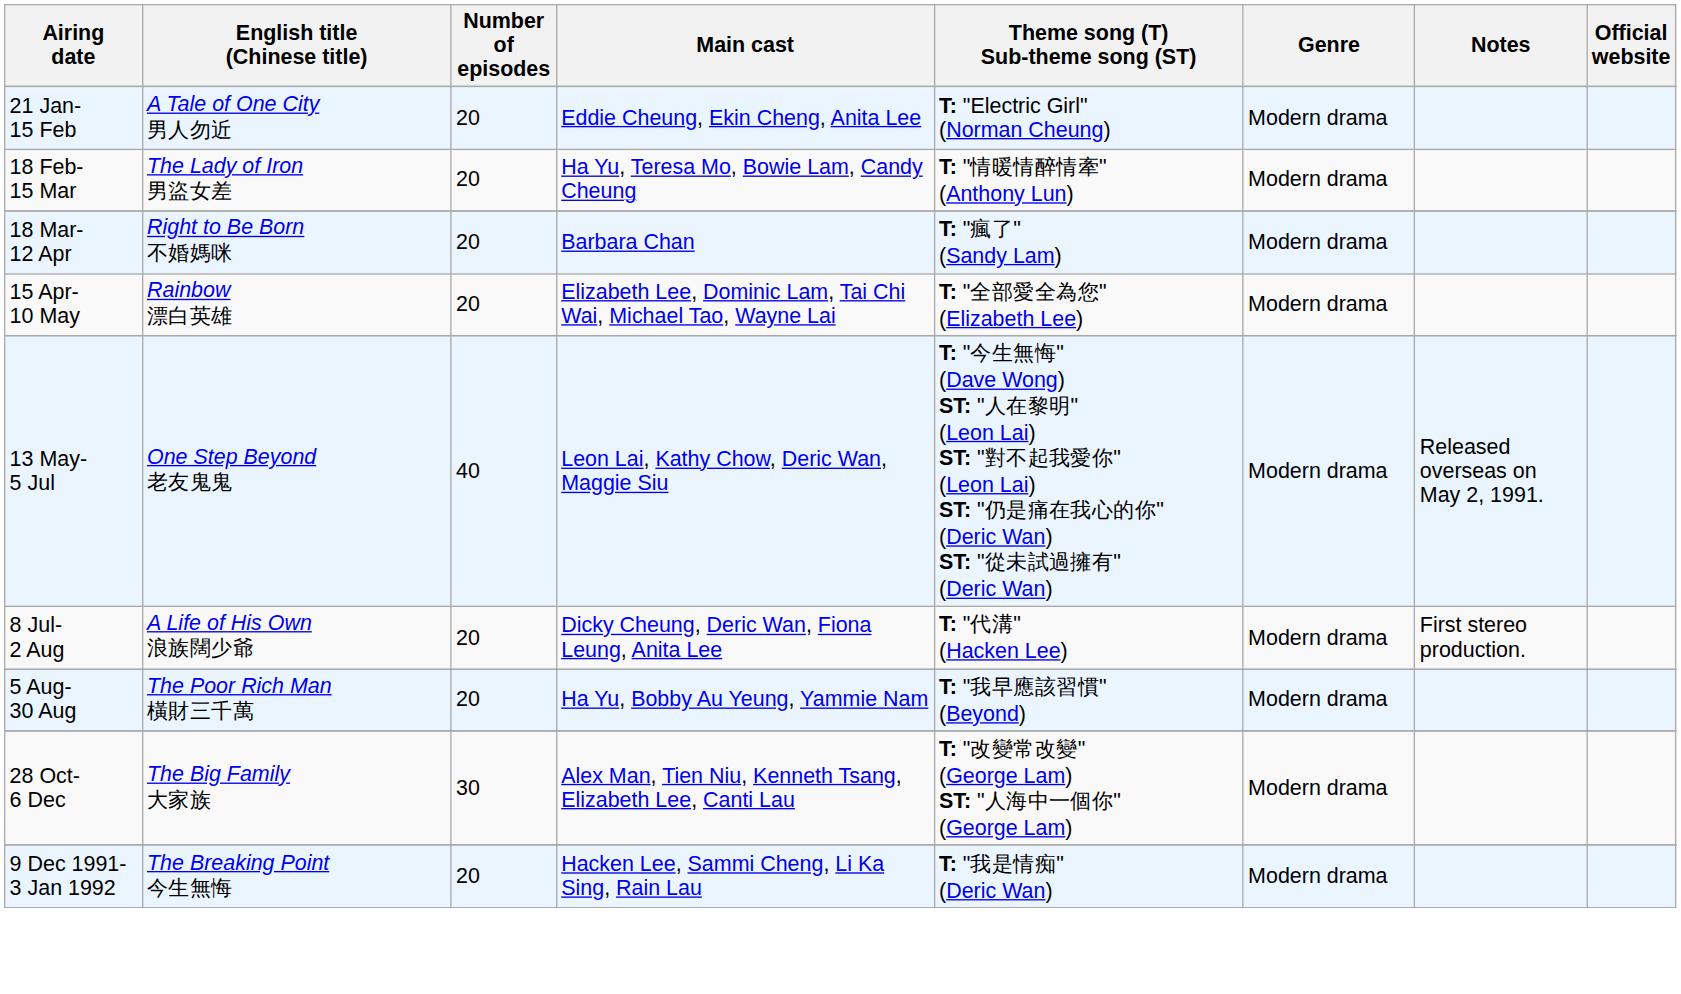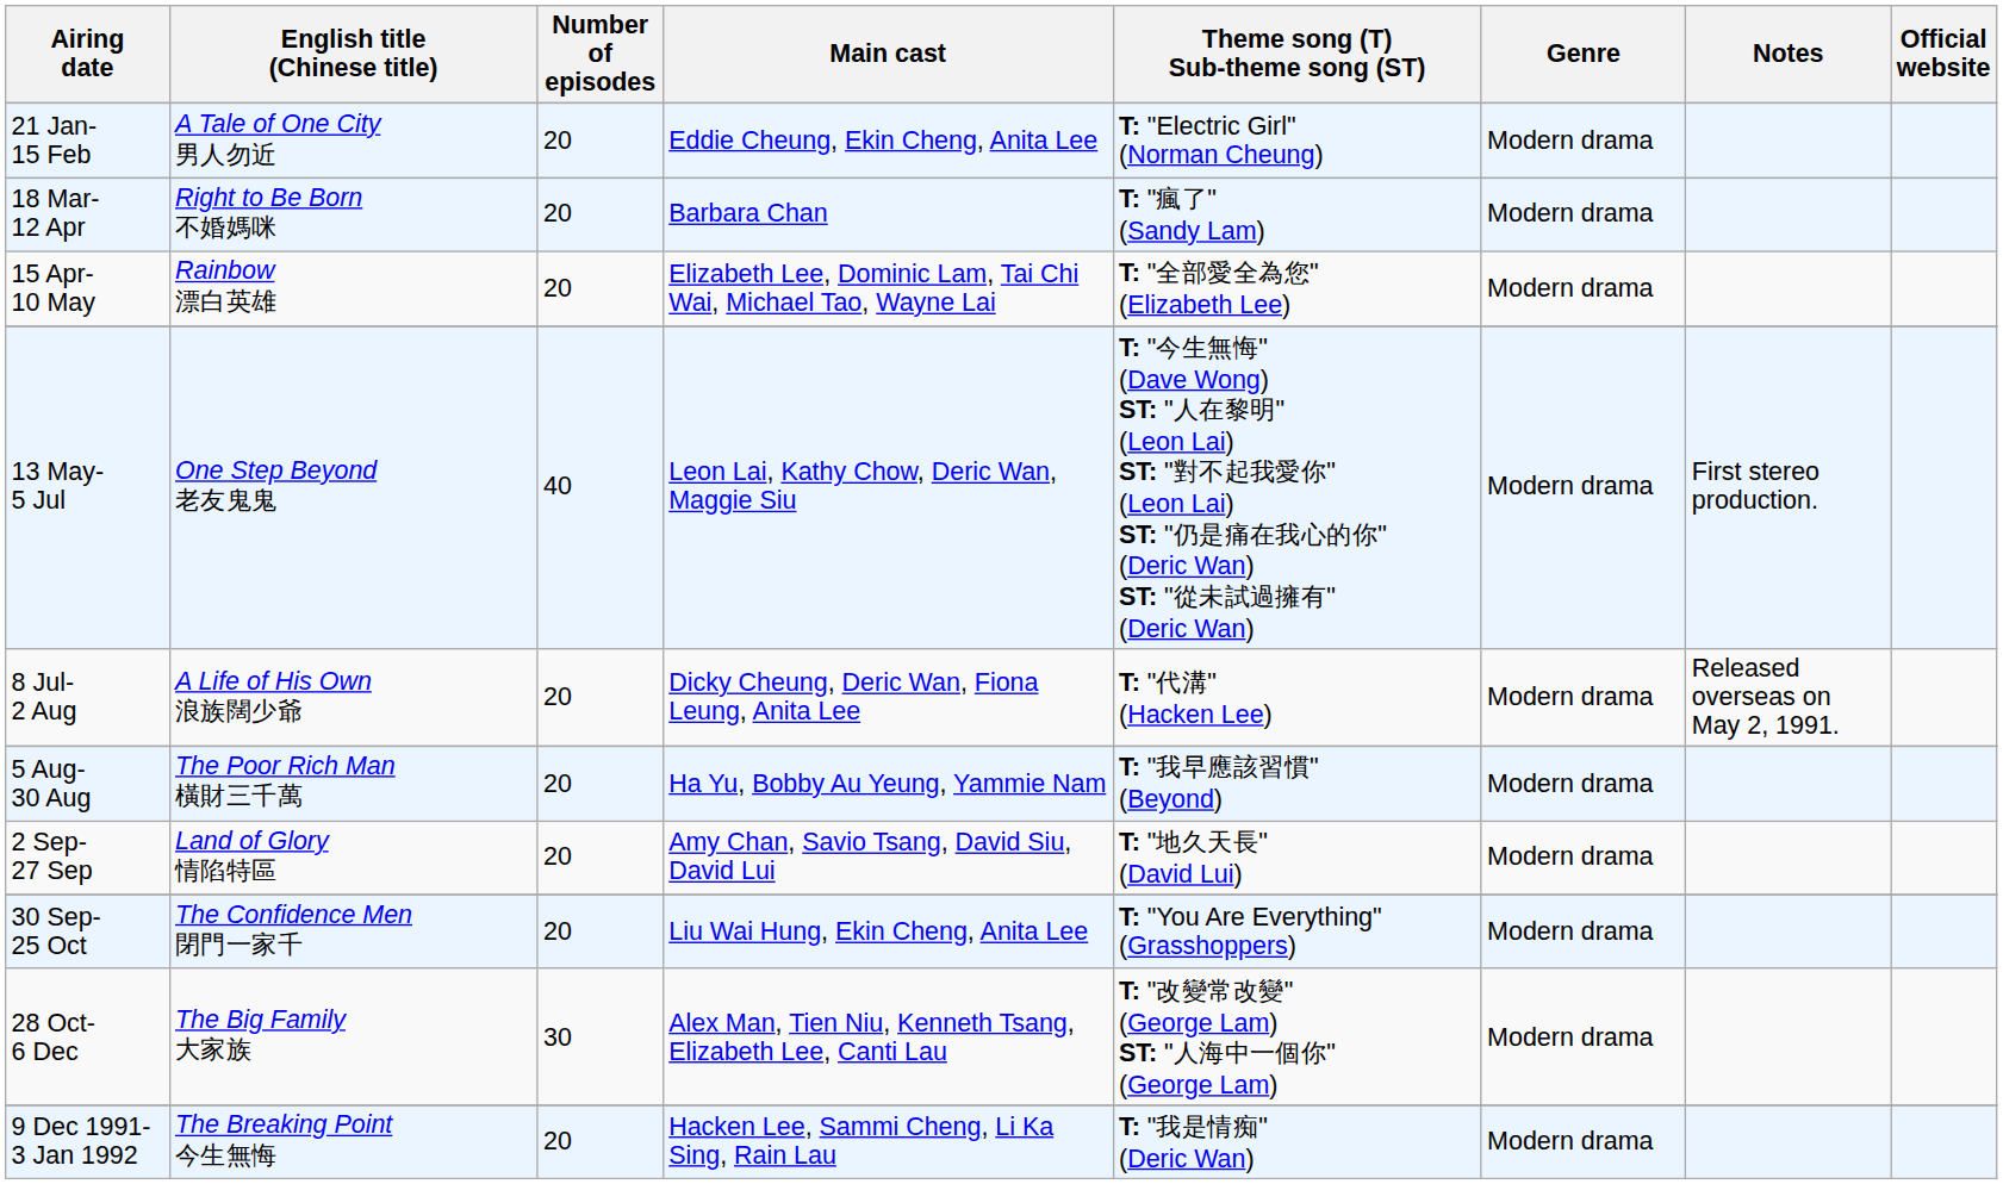 <table class="wikitable">
 <tr>
 <th align=center width=8% bgcolor="silver">Airing<br>date</th>
 <th align=center width=18% bgcolor="silver">English title <br> (Chinese title)</th>
 <th align=center width=5% bgcolor="silver">Number of episodes</th>
 <th align=center width=22% bgcolor="silver">Main cast</th>
 <th align=center width=18% bgcolor="silver">Theme song (T) <br>Sub-theme song (ST)</th>
 <th align=center width=10% bgcolor="silver">Genre</th>
 <th align=center width=10% bgcolor="silver">Notes</th>
 <th align=center width=1% bgcolor="silver">Official website</th>
 </tr>
 <tr>
 </tr>
 <tr ---- bgcolor="#ebf5ff">
 <td>21 Jan- <br> 15 Feb</td>
 <td><em><a href='#'>A Tale of One City</a></em> <br> 男人勿近</td>
 <td>20</td>
 <td><a href='#'>Eddie Cheung</a>, <a href='#'>Ekin Cheng</a>, <a href='#'>Anita Lee</a></td>
 <td><strong>T:</strong> "Electric Girl" <br> (<a href='#'>Norman Cheung</a>)</td>
-<td>Modern drama</td>
-<td></td>
-<td></td>
-</tr>
-<tr>
-<td>18 Feb- <br> 15 Mar</td>
-<td><em><a href='#'>The Lady of Iron</a></em> <br> 男盜女差</td>
-<td>20</td>
-<td><a href='#'>Ha Yu</a>, <a href='#'>Teresa Mo</a>, <a href='#'>Bowie Lam</a>, <a href='#'>Candy Cheung</a></td>
-<td><strong>T:</strong> "情暖情醉情牽" <br> (<a href='#'>Anthony Lun</a>)</td>
 <td>Modern drama</td>
 <td></td>
 <td></td>
 </tr>
 <tr>
 </tr>
 <tr ---- bgcolor="#ebf5ff">
 <td>18 Mar- <br> 12 Apr</td>
 <td><em><a href='#'>Right to Be Born</a></em> <br> 不婚媽咪</td>
 <td>20</td>
 <td><a href='#'>Barbara Chan</a></td>
 <td><strong>T:</strong> "瘋了" <br> (<a href='#'>Sandy Lam</a>)</td>
 <td>Modern drama</td>
 <td></td>
 <td></td>
 </tr>
 <tr>
 <td>15 Apr- <br> 10 May</td>
 <td><em><a href='#'>Rainbow</a></em> <br> 漂白英雄</td>
 <td>20</td>
 <td><a href='#'>Elizabeth Lee</a>, <a href='#'>Dominic Lam</a>, <a href='#'>Tai Chi Wai</a>, <a href='#'>Michael Tao</a>, <a href='#'>Wayne Lai</a></td>
 <td><strong>T:</strong> "全部愛全為您" <br> (<a href='#'>Elizabeth Lee</a>)</td>
 <td>Modern drama</td>
 <td></td>
 <td></td>
 </tr>
 <tr>
 </tr>
 <tr ---- bgcolor="#ebf5ff">
 <td>13 May- <br> 5 Jul</td>
 <td><em><a href='#'>One Step Beyond</a></em> <br> 老友鬼鬼</td>
 <td>40</td>
 <td><a href='#'>Leon Lai</a>, <a href='#'>Kathy Chow</a>, <a href='#'>Deric Wan</a>, <a href='#'>Maggie Siu</a></td>
 <td><strong>T:</strong> "今生無悔" <br> (<a href='#'>Dave Wong</a>)<br><strong>ST:</strong> "人在黎明" <br> (<a href='#'>Leon Lai</a>) <br><strong>ST:</strong> "對不起我愛你" <br> (<a href='#'>Leon Lai</a>) <br><strong>ST:</strong> "仍是痛在我心的你" <br> (<a href='#'>Deric Wan</a>) <br><strong>ST:</strong> "從未試過擁有" <br> (<a href='#'>Deric Wan</a>)</td>
 <td>Modern drama</td>
-<td>Released overseas on May 2, 1991.</td>
+<td>First stereo production.</td>
 <td></td>
 </tr>
 <tr>
 <td>8 Jul- <br> 2 Aug</td>
 <td><em><a href='#'>A Life of His Own</a></em> <br> 浪族闊少爺</td>
 <td>20</td>
 <td><a href='#'>Dicky Cheung</a>, <a href='#'>Deric Wan</a>, <a href='#'>Fiona Leung</a>, <a href='#'>Anita Lee</a></td>
 <td><strong>T:</strong> "代溝" <br> (<a href='#'>Hacken Lee</a>)</td>
 <td>Modern drama</td>
-<td>First stereo production.</td>
+<td>Released overseas on May 2, 1991.</td>
 <td></td>
 </tr>
 <tr>
 </tr>
 <tr ---- bgcolor="#ebf5ff">
 <td>5 Aug- <br> 30 Aug</td>
 <td><em><a href='#'>The Poor Rich Man</a></em> <br> 橫財三千萬</td>
 <td>20</td>
 <td><a href='#'>Ha Yu</a>, <a href='#'>Bobby Au Yeung</a>, <a href='#'>Yammie Nam</a></td>
 <td><strong>T:</strong> "我早應該習慣" <br> (<a href='#'>Beyond</a>)</td>
 <td>Modern drama</td>
 <td></td>
 <td></td>
 </tr>
 <tr>
+<td>2 Sep- <br> 27 Sep</td>
+<td><em><a href='#'>Land of Glory</a></em> <br> 情陷特區</td>
+<td>20</td>
+<td><a href='#'>Amy Chan</a>, <a href='#'>Savio Tsang</a>, <a href='#'>David Siu</a>, <a href='#'>David Lui</a></td>
+<td><strong>T:</strong> "地久天長" <br> (<a href='#'>David Lui</a>)</td>
+<td>Modern drama</td>
+<td></td>
+<td></td>
+</tr>
+<tr>
+</tr>
+<tr ---- bgcolor="#ebf5ff">
+<td>30 Sep- <br> 25 Oct</td>
+<td><em><a href='#'>The Confidence Men</a></em> <br> 閉門一家千</td>
+<td>20</td>
+<td><a href='#'>Liu Wai Hung</a>, <a href='#'>Ekin Cheng</a>, <a href='#'>Anita Lee</a></td>
+<td><strong>T:</strong> "You Are Everything" <br> (<a href='#'>Grasshoppers</a>)</td>
+<td>Modern drama</td>
+<td></td>
+<td></td>
 </tr>
 <tr>
 <td>28 Oct- <br> 6 Dec</td>
 <td><em><a href='#'>The Big Family</a></em> <br> 大家族</td>
 <td>30</td>
 <td><a href='#'>Alex Man</a>, <a href='#'>Tien Niu</a>, <a href='#'>Kenneth Tsang</a>, <a href='#'>Elizabeth Lee</a>, <a href='#'>Canti Lau</a></td>
 <td><strong>T:</strong> "改變常改變" <br> (<a href='#'>George Lam</a>)<br><strong>ST:</strong> "人海中一個你" <br> (<a href='#'>George Lam</a>)</td>
 <td>Modern drama</td>
 <td></td>
 <td></td>
 </tr>
 <tr>
 </tr>
 <tr ---- bgcolor="#ebf5ff">
 <td>9 Dec 1991- <br> 3 Jan 1992</td>
 <td><em><a href='#'>The Breaking Point</a></em> <br> 今生無悔</td>
 <td>20</td>
 <td><a href='#'>Hacken Lee</a>, <a href='#'>Sammi Cheng</a>, <a href='#'>Li Ka Sing</a>, <a href='#'>Rain Lau</a></td>
 <td><strong>T:</strong> "我是情痴" <br> (<a href='#'>Deric Wan</a>)</td>
 <td>Modern drama</td>
 <td></td>
 <td></td>
 </tr>
 <tr>
 </tr>
 </table>
